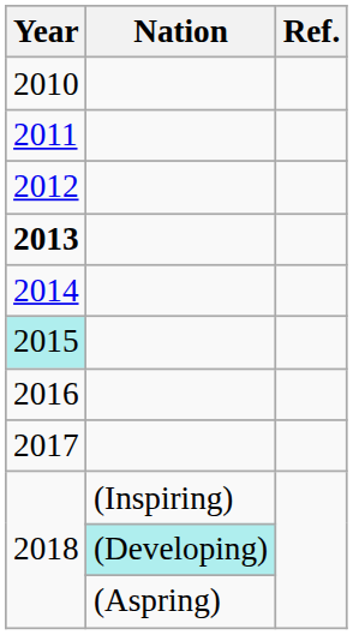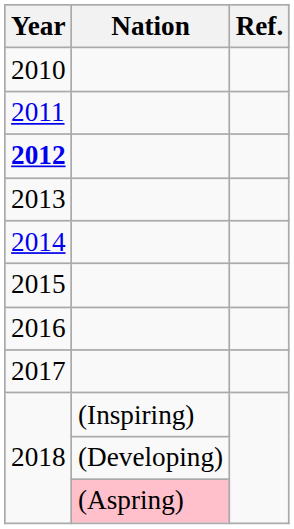 <table class="wikitable">
 <tr>
 <th>Year</th>
 <th>Nation</th>
 <th>Ref.</th>
 </tr>
 <tr>
 <td>2010</td>
 <td></td>
 <td></td>
 </tr>
 <tr>
 <td><a href='#'>2011</a></td>
 <td></td>
 <td></td>
 </tr>
 <tr>
-<td><a href='#'>2012</a></td>
+<td><strong><a href='#'>2012</a></strong></td>
 <td></td>
 <td></td>
 </tr>
 <tr>
-<td><strong>2013</strong></td>
+<td>2013</td>
 <td></td>
 <td></td>
 </tr>
 <tr>
 <td><a href='#'>2014</a></td>
 <td></td>
 <td></td>
 </tr>
 <tr>
-<td style="background: paleturquoise;">2015</td>
+<td>2015</td>
 <td></td>
 <td></td>
 </tr>
 <tr>
 <td>2016</td>
 <td></td>
 <td></td>
 </tr>
 <tr>
 <td>2017</td>
 <td></td>
 <td></td>
 </tr>
 <tr>
 <td rowspan="3">2018</td>
 <td> (Inspiring)</td>
 <td rowspan="3"></td>
 </tr>
 <tr>
-<td style="background: paleturquoise;"> (Developing)</td>
+<td> (Developing)</td>
 </tr>
 <tr>
-<td> (Aspring)</td>
+<td style="background: pink;"> (Aspring)</td>
 </tr>
 </table>
